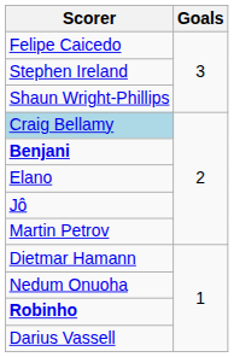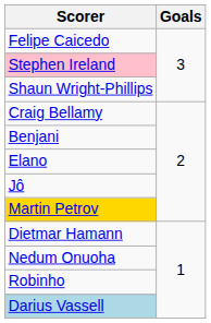 <table class="wikitable">
 <tr>
 <th>Scorer</th>
 <th>Goals</th>
 </tr>
 <tr>
 <td> <a href='#'>Felipe Caicedo</a></td>
 <td rowspan="3" style="text-align:center;">3</td>
 </tr>
 <tr>
-<td> <a href='#'>Stephen Ireland</a></td>
+<td style="background: pink;"> <a href='#'>Stephen Ireland</a></td>
 </tr>
 <tr>
 <td> <a href='#'>Shaun Wright-Phillips</a></td>
 </tr>
 <tr>
-<td style="background: lightblue;"> <a href='#'>Craig Bellamy</a></td>
+<td> <a href='#'>Craig Bellamy</a></td>
 <td rowspan="5" style="text-align:center;">2</td>
 </tr>
 <tr>
-<td><strong> <a href='#'>Benjani</a></strong></td>
+<td> <a href='#'>Benjani</a></td>
 </tr>
 <tr>
 <td> <a href='#'>Elano</a></td>
 </tr>
 <tr>
 <td> <a href='#'>Jô</a></td>
 </tr>
 <tr>
-<td> <a href='#'>Martin Petrov</a></td>
+<td style="background: gold;"> <a href='#'>Martin Petrov</a></td>
 </tr>
 <tr>
 <td> <a href='#'>Dietmar Hamann</a></td>
 <td rowspan="4" style="text-align:center;">1</td>
 </tr>
 <tr>
 <td> <a href='#'>Nedum Onuoha</a></td>
 </tr>
 <tr>
-<td><strong> <a href='#'>Robinho</a></strong></td>
+<td> <a href='#'>Robinho</a></td>
 </tr>
 <tr>
-<td> <a href='#'>Darius Vassell</a></td>
+<td style="background: lightblue;"> <a href='#'>Darius Vassell</a></td>
 </tr>
 </table>
